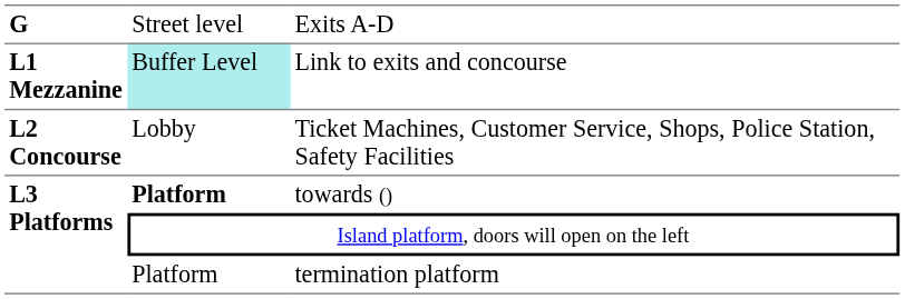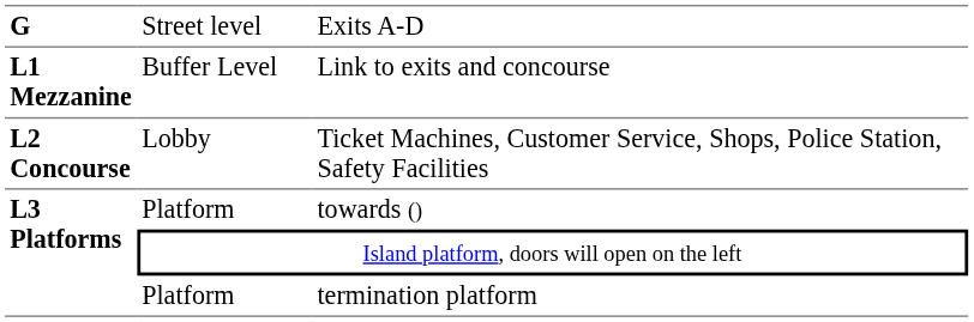 <table table border=0 cellspacing=0 cellpadding=3>
 <tr>
 <td style="border-top:solid 1px gray;" width=50 valign=top><strong>G</strong></td>
 <td style="border-top:solid 1px gray;" width=100 valign=top>Street level</td>
 <td style="border-top:solid 1px gray;" width=390 valign=top>Exits A-D</td>
 </tr>
 <tr>
 <td style="border-bottom:solid 1px gray; border-top:solid 1px gray;" valign=top><strong>L1<br>Mezzanine</strong></td>
-<td style="background: paleturquoise; border-bottom:solid 1px gray; border-top:solid 1px gray;" valign=top>Buffer Level</td>
+<td style="border-bottom:solid 1px gray; border-top:solid 1px gray;" valign=top>Buffer Level</td>
 <td style="border-bottom:solid 1px gray; border-top:solid 1px gray;" valign=top>Link to exits and concourse</td>
 </tr>
 <tr>
 <td style="border-bottom:solid 1px gray;" valign=top><strong>L2<br>Concourse</strong></td>
 <td style="border-bottom:solid 1px gray;" valign=top>Lobby</td>
 <td style="border-bottom:solid 1px gray;" valign=top>Ticket Machines, Customer Service, Shops, Police Station, Safety Facilities</td>
 </tr>
 <tr>
 <td style="border-bottom:solid 1px gray;" valign=top width=50 rowspan=3><strong>L3<br>Platforms</strong></td>
-<td><strong>Platform </strong></td>
+<td>Platform </td>
 <td>  towards  <small>()</small></td>
 </tr>
 <tr>
 <td style="border-top:solid 2px black;border-right:solid 2px black;border-left:solid 2px black;border-bottom:solid 2px black;text-align:center;" colspan=2><small><a href='#'>Island platform</a>, doors will open on the left</small></td>
 </tr>
 <tr>
 <td style="border-bottom:solid 1px gray;">Platform </td>
 <td style="border-bottom:solid 1px gray;"> termination platform </td>
 </tr>
 </table>
